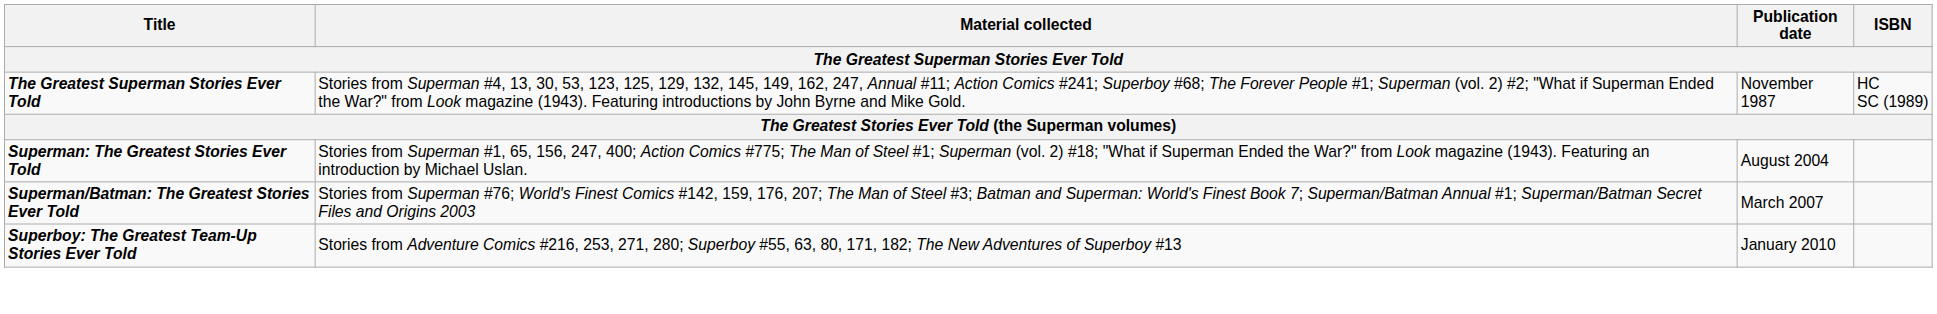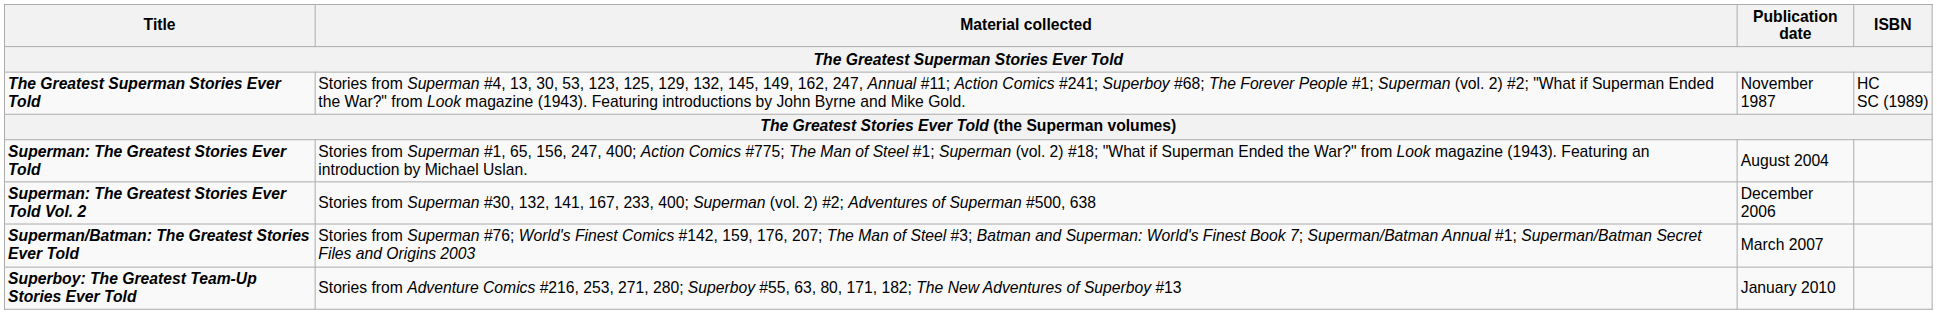 <table class="wikitable">
 <tr>
 <th>Title</th>
 <th>Material collected</th>
 <th>Publication date</th>
 <th>ISBN</th>
 </tr>
 <tr>
 <th colspan="4"><em>The Greatest Superman Stories Ever Told</em></th>
 </tr>
 <tr>
 <td><strong><em>The Greatest Superman Stories Ever Told</em></strong></td>
 <td>Stories from <em>Superman</em> #4, 13, 30, 53, 123, 125, 129, 132, 145, 149, 162, 247, <em>Annual</em> #11; <em>Action Comics</em> #241; <em>Superboy</em>  #68; <em>The Forever People</em> #1; <em>Superman</em> (vol. 2) #2; "What if Superman Ended the War?" from <em>Look</em> magazine (1943). Featuring introductions by John Byrne and Mike Gold.</td>
 <td>November 1987</td>
 <td style=white-space:nowrap>HC <br>SC (1989) </td>
 </tr>
 <tr>
 <th colspan="4'"><em>The Greatest Stories Ever Told</em> (the Superman volumes)</th>
 </tr>
 <tr>
 <td><strong><em>Superman: The Greatest Stories Ever Told</em></strong></td>
 <td>Stories from <em>Superman</em>  #1, 65, 156, 247, 400; <em>Action Comics</em> #775; <em>The Man of Steel</em> #1; <em>Superman</em> (vol. 2) #18; "What if Superman Ended the War?" from <em>Look</em> magazine (1943). Featuring an introduction by Michael Uslan.</td>
 <td>August 2004</td>
 <td></td>
 </tr>
 <tr>
+<td><strong><em>Superman: The Greatest Stories Ever Told Vol. 2</em></strong></td>
+<td>Stories from <em>Superman</em> #30, 132, 141, 167, 233, 400; <em>Superman</em> (vol. 2) #2; <em>Adventures of Superman</em> #500, 638</td>
+<td>December 2006</td>
+<td></td>
+</tr>
+<tr>
 <td><strong><em>Superman/Batman: The Greatest Stories Ever Told</em></strong></td>
 <td>Stories from <em>Superman</em> #76; <em>World's Finest Comics</em> #142, 159, 176, 207; <em>The Man of Steel</em> #3; <em>Batman and Superman: World's Finest Book 7</em>; <em>Superman/Batman Annual</em> #1; <em>Superman/Batman Secret Files and Origins 2003</em></td>
 <td>March 2007</td>
 <td></td>
 </tr>
 <tr>
 <td><strong><em>Superboy: The Greatest Team-Up Stories Ever Told</em></strong></td>
 <td>Stories from <em>Adventure Comics</em> #216, 253, 271, 280; <em>Superboy</em> #55, 63, 80, 171, 182; <em>The New Adventures of Superboy</em> #13</td>
 <td>January 2010</td>
 <td></td>
 </tr>
 </table>
